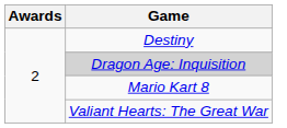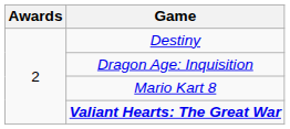 <table class="wikitable" style="text-align:center;">
 <tr>
 <th width="55">Awards</th>
 <th align="center">Game</th>
 </tr>
 <tr>
 <td rowspan=4 style="text-align:center">2</td>
 <td><em><a href='#'>Destiny</a></em></td>
 </tr>
 <tr>
-<td style="background: lightgrey;"><em><a href='#'>Dragon Age: Inquisition</a></em></td>
+<td><em><a href='#'>Dragon Age: Inquisition</a></em></td>
 </tr>
 <tr>
 <td><em><a href='#'>Mario Kart 8</a></em></td>
 </tr>
 <tr>
-<td><em><a href='#'>Valiant Hearts: The Great War</a></em></td>
+<td><strong><em><a href='#'>Valiant Hearts: The Great War</a></em></strong></td>
 </tr>
 </table>
